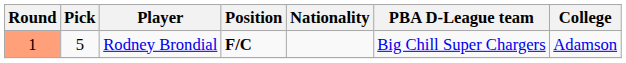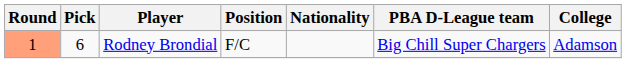 <table class="wikitable sortable sortable">
 <tr>
 <th>Round</th>
 <th>Pick</th>
 <th>Player</th>
 <th>Position</th>
 <th>Nationality</th>
 <th>PBA D-League team</th>
 <th>College</th>
 </tr>
 <tr>
 <td align=center style="background: lightsalmon;">1</td>
-<td align=center>5</td>
+<td align=center>6</td>
 <td><a href='#'>Rodney Brondial</a></td>
-<td><strong>F/C</strong></td>
+<td>F/C</td>
 <td></td>
 <td><a href='#'>Big Chill Super Chargers</a></td>
 <td><a href='#'>Adamson</a></td>
 </tr>
 <tr>
 </tr>
 </table>
